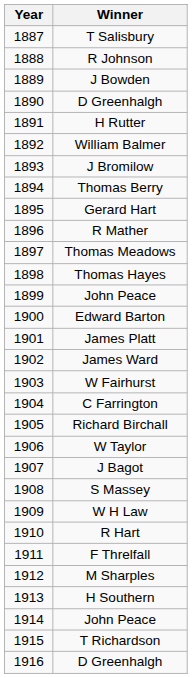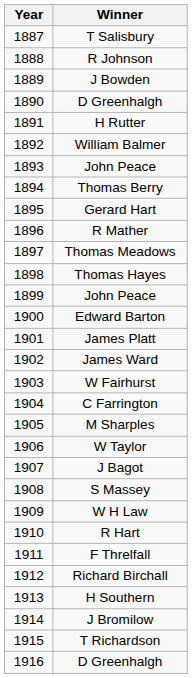 <table class="wikitable" style="text-align:center">
 <tr>
 <th width=50>Year</th>
 <th width=150>Winner</th>
 </tr>
 <tr>
 <td>1887</td>
 <td>T Salisbury</td>
 </tr>
 <tr>
 <td>1888</td>
 <td>R Johnson</td>
 </tr>
 <tr>
 <td>1889</td>
 <td>J Bowden</td>
 </tr>
 <tr>
 <td>1890</td>
 <td>D Greenhalgh</td>
 </tr>
 <tr>
 <td>1891</td>
 <td>H Rutter</td>
 </tr>
 <tr>
 <td>1892</td>
 <td>William Balmer</td>
 </tr>
 <tr>
 <td>1893</td>
-<td>J Bromilow</td>
+<td>John Peace</td>
 </tr>
 <tr>
 <td>1894</td>
 <td>Thomas Berry</td>
 </tr>
 <tr>
 <td>1895</td>
 <td>Gerard Hart</td>
 </tr>
 <tr>
 <td>1896</td>
 <td>R Mather</td>
 </tr>
 <tr>
 <td>1897</td>
 <td>Thomas Meadows</td>
 </tr>
 <tr>
 <td>1898</td>
 <td>Thomas Hayes</td>
 </tr>
 <tr>
 <td>1899</td>
 <td>John Peace</td>
 </tr>
 <tr>
 <td>1900</td>
 <td>Edward Barton</td>
 </tr>
 <tr>
 <td>1901</td>
 <td>James Platt</td>
 </tr>
 <tr>
 <td>1902</td>
 <td>James Ward</td>
 </tr>
 <tr>
 <td>1903</td>
 <td>W Fairhurst</td>
 </tr>
 <tr>
 <td>1904</td>
 <td>C Farrington</td>
 </tr>
 <tr>
 <td>1905</td>
-<td>Richard Birchall</td>
+<td>M Sharples</td>
 </tr>
 <tr>
 <td>1906</td>
 <td>W Taylor</td>
 </tr>
 <tr>
 <td>1907</td>
 <td>J Bagot</td>
 </tr>
 <tr>
 <td>1908</td>
 <td>S Massey</td>
 </tr>
 <tr>
 <td>1909</td>
 <td>W H Law</td>
 </tr>
 <tr>
 <td>1910</td>
 <td>R Hart</td>
 </tr>
 <tr>
 <td>1911</td>
 <td>F Threlfall</td>
 </tr>
 <tr>
 <td>1912</td>
-<td>M Sharples</td>
+<td>Richard Birchall</td>
 </tr>
 <tr>
 <td>1913</td>
 <td>H Southern</td>
 </tr>
 <tr>
 <td>1914</td>
-<td>John Peace</td>
+<td>J Bromilow</td>
 </tr>
 <tr>
 <td>1915</td>
 <td>T Richardson</td>
 </tr>
 <tr>
 <td>1916</td>
 <td>D Greenhalgh</td>
 </tr>
 </table>
